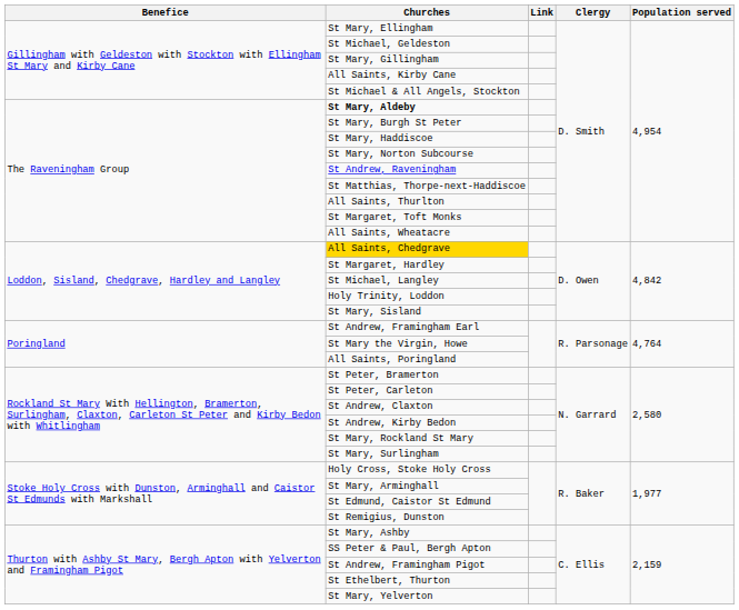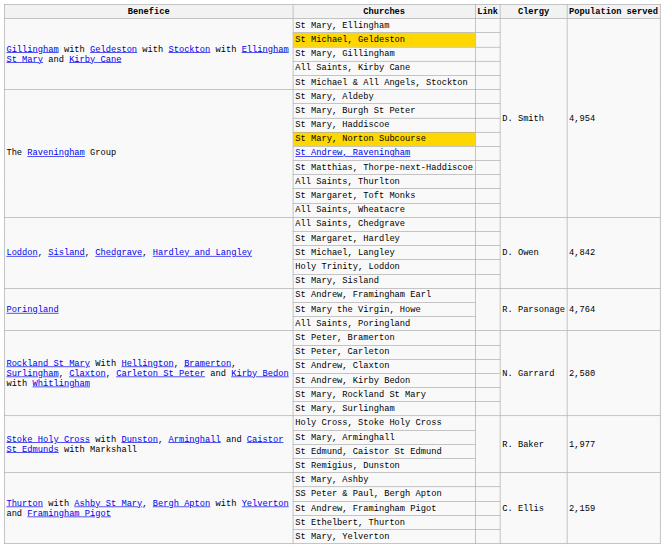 <table class="wikitable">
 <tr>
 <th width="425">Benefice</th>
 <th>Churches</th>
 <th>Link</th>
 <th>Clergy</th>
 <th>Population served</th>
 </tr>
 <tr>
 <td rowspan="5"><a href='#'>Gillingham</a> with <a href='#'>Geldeston</a> with <a href='#'>Stockton</a> with <a href='#'>Ellingham St Mary</a> and <a href='#'>Kirby Cane</a></td>
 <td>St Mary, Ellingham</td>
 <td></td>
 <td rowspan="14">D. Smith</td>
 <td rowspan="14">4,954</td>
 </tr>
 <tr>
-<td>St Michael, Geldeston</td>
+<td style="background: gold;">St Michael, Geldeston</td>
 <td></td>
 </tr>
 <tr>
 <td>St Mary, Gillingham</td>
 <td></td>
 </tr>
 <tr>
 <td>All Saints, Kirby Cane</td>
 <td></td>
 </tr>
 <tr>
 <td>St Michael & All Angels, Stockton</td>
 <td></td>
 </tr>
 <tr>
 <td rowspan="9">The <a href='#'>Raveningham</a> Group</td>
-<td><strong>St Mary, Aldeby</strong></td>
+<td>St Mary, Aldeby</td>
 <td></td>
 </tr>
 <tr>
 <td>St Mary, Burgh St Peter</td>
 <td></td>
 </tr>
 <tr>
 <td>St Mary, Haddiscoe</td>
 <td></td>
 </tr>
 <tr>
-<td>St Mary, Norton Subcourse</td>
+<td style="background: gold;">St Mary, Norton Subcourse</td>
 <td></td>
 </tr>
 <tr>
 <td><a href='#'>St Andrew, Raveningham</a></td>
 <td></td>
 </tr>
 <tr>
 <td>St Matthias, Thorpe-next-Haddiscoe</td>
 <td></td>
 </tr>
 <tr>
 <td>All Saints, Thurlton</td>
 <td></td>
 </tr>
 <tr>
 <td>St Margaret, Toft Monks</td>
 <td></td>
 </tr>
 <tr>
 <td>All Saints, Wheatacre</td>
 <td></td>
 </tr>
 <tr>
 <td rowspan="5"><a href='#'>Loddon</a>, <a href='#'>Sisland</a>, <a href='#'>Chedgrave</a>, <a href='#'>Hardley and Langley</a></td>
-<td style="background: gold;">All Saints, Chedgrave</td>
+<td>All Saints, Chedgrave</td>
 <td></td>
 <td rowspan="5">D. Owen</td>
 <td rowspan="5">4,842</td>
 </tr>
 <tr>
 <td>St Margaret, Hardley</td>
 <td></td>
 </tr>
 <tr>
 <td>St Michael, Langley</td>
 <td></td>
 </tr>
 <tr>
 <td>Holy Trinity, Loddon</td>
 <td></td>
 </tr>
 <tr>
 <td>St Mary, Sisland</td>
 <td></td>
 </tr>
 <tr>
 <td rowspan="3"><a href='#'>Poringland</a></td>
 <td>St Andrew, Framingham Earl</td>
 <td rowspan="3"></td>
 <td rowspan="3">R. Parsonage</td>
 <td rowspan="3">4,764</td>
 </tr>
 <tr>
 <td>St Mary the Virgin, Howe</td>
 </tr>
 <tr>
 <td>All Saints, Poringland</td>
 </tr>
 <tr>
 <td rowspan="6"><a href='#'>Rockland St Mary</a> With <a href='#'>Hellington</a>, <a href='#'>Bramerton</a>, <a href='#'>Surlingham</a>, <a href='#'>Claxton</a>, <a href='#'>Carleton St Peter</a> and <a href='#'>Kirby Bedon</a> with <a href='#'>Whitlingham</a></td>
 <td>St Peter, Bramerton</td>
 <td></td>
 <td rowspan="6">N. Garrard</td>
 <td rowspan="6">2,580</td>
 </tr>
 <tr>
 <td>St Peter, Carleton</td>
 <td></td>
 </tr>
 <tr>
 <td>St Andrew, Claxton</td>
 <td></td>
 </tr>
 <tr>
 <td>St Andrew, Kirby Bedon</td>
 <td></td>
 </tr>
 <tr>
 <td>St Mary, Rockland St Mary</td>
 <td></td>
 </tr>
 <tr>
 <td>St Mary, Surlingham</td>
 <td></td>
 </tr>
 <tr>
 <td rowspan="4"><a href='#'>Stoke Holy Cross</a> with <a href='#'>Dunston</a>, <a href='#'>Arminghall</a> and <a href='#'>Caistor St Edmunds</a> with Markshall</td>
 <td>Holy Cross, Stoke Holy Cross</td>
 <td rowspan="4"></td>
 <td rowspan="4">R. Baker</td>
 <td rowspan="4">1,977</td>
 </tr>
 <tr>
 <td>St Mary, Arminghall</td>
 </tr>
 <tr>
 <td>St Edmund, Caistor St Edmund</td>
 </tr>
 <tr>
 <td>St Remigius, Dunston</td>
 </tr>
 <tr>
 <td rowspan="5"><a href='#'>Thurton</a> with <a href='#'>Ashby St Mary</a>, <a href='#'>Bergh Apton</a> with <a href='#'>Yelverton</a> and <a href='#'>Framingham Pigot</a></td>
 <td>St Mary, Ashby</td>
 <td></td>
 <td rowspan="5">C. Ellis</td>
 <td rowspan="5">2,159</td>
 </tr>
 <tr>
 <td>SS Peter & Paul, Bergh Apton</td>
 <td></td>
 </tr>
 <tr>
 <td>St Andrew, Framingham Pigot</td>
 <td></td>
 </tr>
 <tr>
 <td>St Ethelbert, Thurton</td>
 <td></td>
 </tr>
 <tr>
 <td>St Mary, Yelverton</td>
 <td></td>
 </tr>
 </table>
